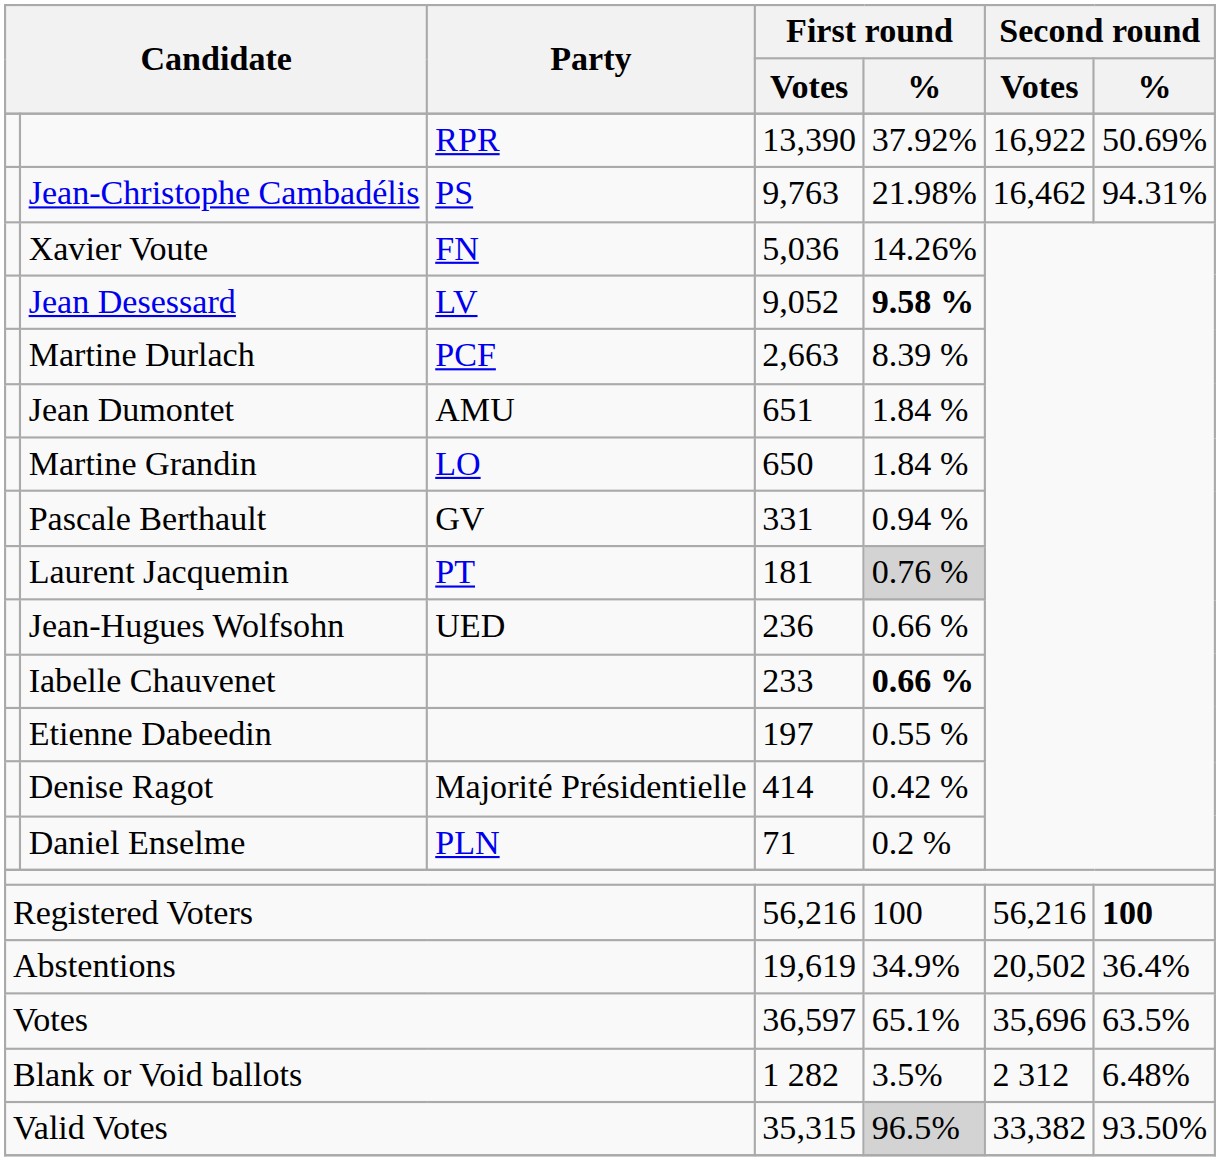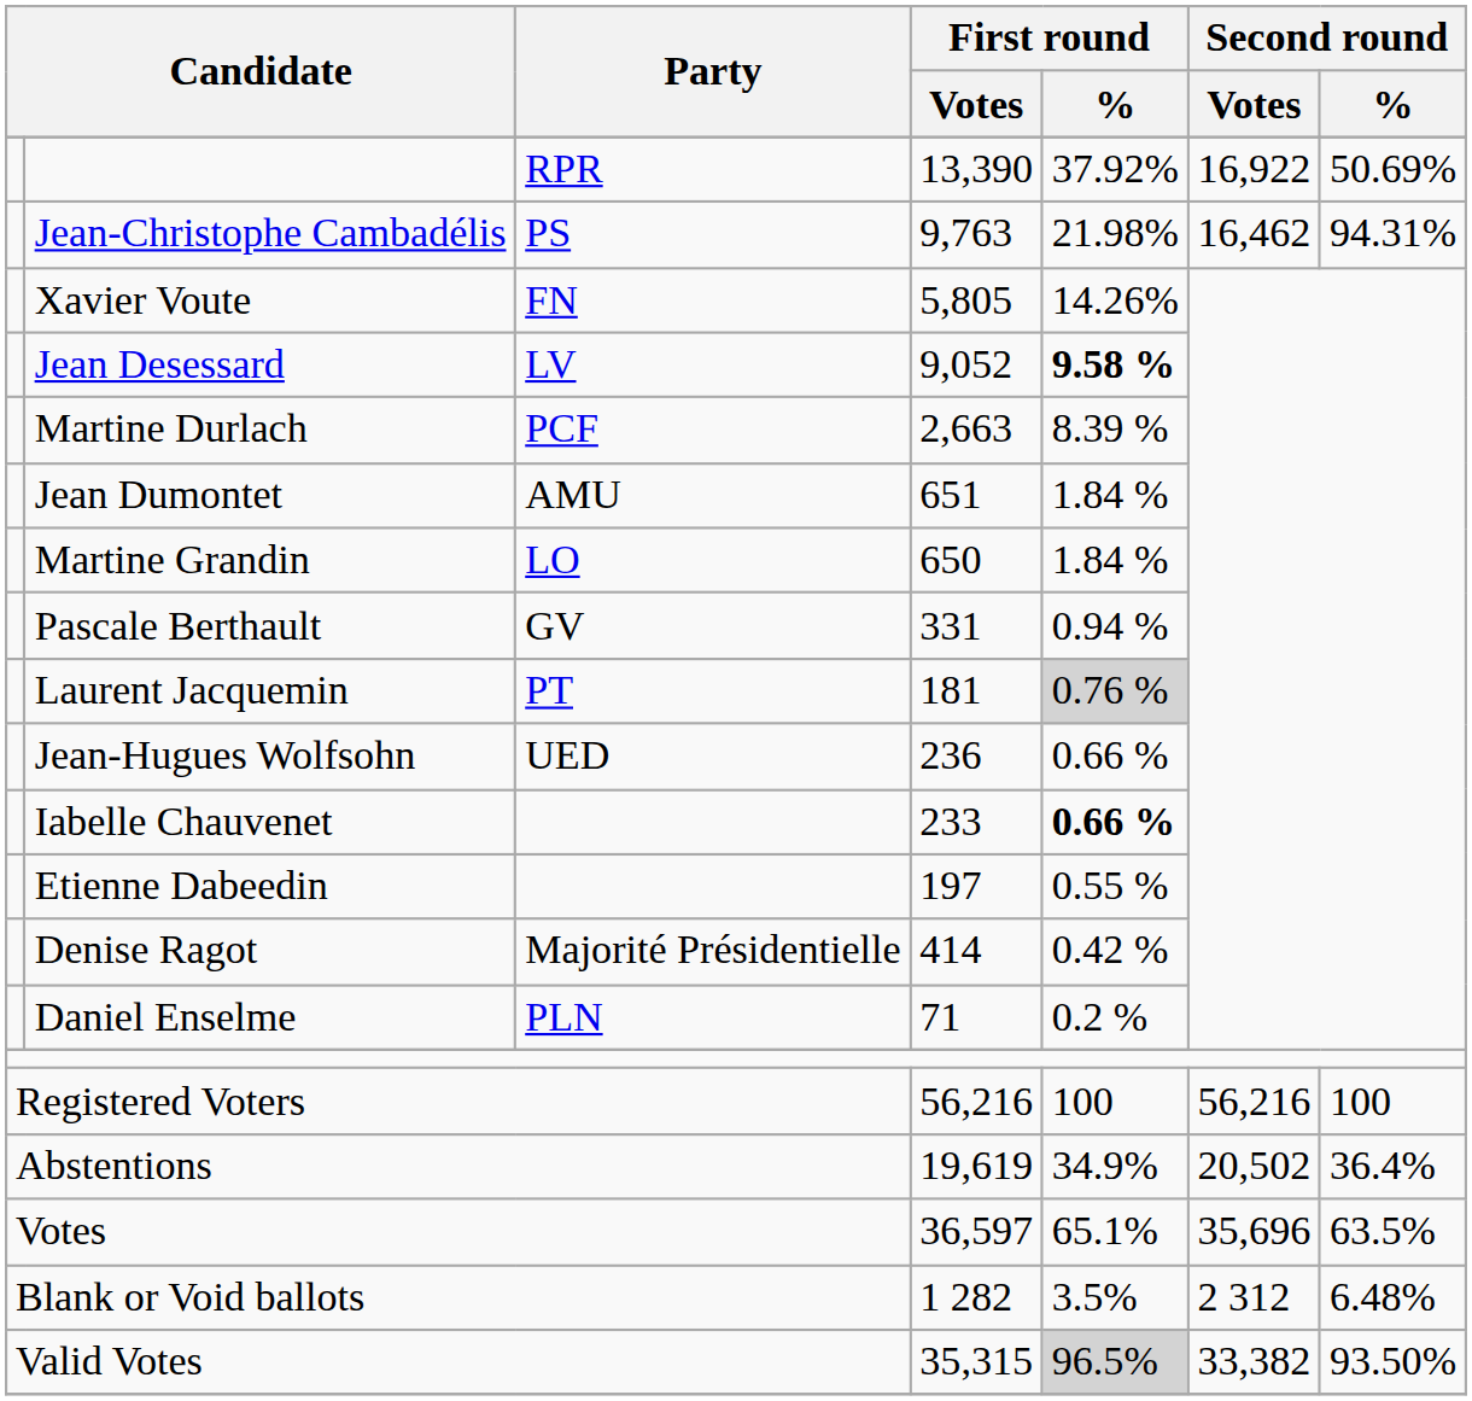 <table class="wikitable">
 <tr>
 <th colspan="2" rowspan="2">Candidate</th>
 <th rowspan="2">Party</th>
 <th colspan="2">First round</th>
 <th colspan="2">Second round</th>
 </tr>
 <tr>
 <th>Votes</th>
 <th>%</th>
 <th>Votes</th>
 <th>%</th>
 </tr>
 <tr>
 </tr>
 <tr>
 <td style="background-color:"></td>
 <td></td>
 <td><a href='#'>RPR</a></td>
 <td>13,390</td>
 <td>37.92%</td>
 <td>16,922</td>
 <td>50.69%</td>
 </tr>
 <tr>
 <td style="background-color:"></td>
 <td><a href='#'>Jean-Christophe Cambadélis</a></td>
 <td><a href='#'>PS</a></td>
 <td>9,763</td>
 <td>21.98%</td>
 <td>16,462</td>
 <td>94.31%</td>
 </tr>
 <tr>
 <td style="background-color:"></td>
 <td>Xavier Voute</td>
 <td><a href='#'>FN</a></td>
-<td>5,036</td>
+<td>5,805</td>
 <td>14.26%</td>
 </tr>
 <tr>
 <td style="background-color:"></td>
 <td><a href='#'>Jean Desessard</a></td>
 <td><a href='#'>LV</a></td>
 <td>9,052</td>
 <td><strong>9.58 %</strong></td>
 </tr>
 <tr>
 <td style="background-color:"></td>
 <td>Martine Durlach</td>
 <td><a href='#'>PCF</a></td>
 <td>2,663</td>
 <td>8.39 %</td>
 </tr>
 <tr>
 <td></td>
 <td>Jean Dumontet</td>
 <td><abbr>AMU</abbr></td>
 <td>651</td>
 <td>1.84 %</td>
 </tr>
 <tr>
 <td style="background-color:"></td>
 <td>Martine Grandin</td>
 <td><a href='#'>LO</a></td>
 <td>650</td>
 <td>1.84 %</td>
 </tr>
 <tr>
 <td></td>
 <td>Pascale Berthault</td>
 <td><abbr>GV</abbr></td>
 <td>331</td>
 <td>0.94 %</td>
 </tr>
 <tr>
 <td style="background-color:"></td>
 <td>Laurent Jacquemin</td>
 <td><a href='#'>PT</a></td>
 <td>181</td>
 <td style="background: lightgrey;">0.76 %</td>
 </tr>
 <tr>
 <td></td>
 <td>Jean-Hugues Wolfsohn</td>
 <td><abbr>UED</abbr></td>
 <td>236</td>
 <td>0.66 %</td>
 </tr>
 <tr>
 <td></td>
 <td>Iabelle Chauvenet</td>
 <td></td>
 <td>233</td>
 <td><strong>0.66 %</strong></td>
 </tr>
 <tr>
 <td></td>
 <td>Etienne Dabeedin</td>
 <td></td>
 <td>197</td>
 <td>0.55 %</td>
 </tr>
 <tr>
 <td></td>
 <td>Denise Ragot</td>
 <td>Majorité Présidentielle</td>
 <td>414</td>
 <td>0.42 %</td>
 </tr>
 <tr>
 <td></td>
 <td>Daniel Enselme</td>
 <td><a href='#'>PLN</a></td>
 <td>71</td>
 <td>0.2 %</td>
 </tr>
 <tr>
 </tr>
 <tr>
 <td colspan="8"></td>
 </tr>
 <tr>
 <td colspan="3">Registered Voters</td>
 <td>56,216</td>
 <td>100</td>
 <td>56,216</td>
-<td><strong>100</strong></td>
+<td>100</td>
 </tr>
 <tr>
 <td colspan="3">Abstentions</td>
 <td>19,619</td>
 <td>34.9%</td>
 <td>20,502</td>
 <td>36.4%</td>
 </tr>
 <tr>
 <td colspan="3">Votes</td>
 <td>36,597</td>
 <td>65.1%</td>
 <td>35,696</td>
 <td>63.5%</td>
 </tr>
 <tr>
 <td colspan="3">Blank or Void ballots</td>
 <td>1 282</td>
 <td>3.5%</td>
 <td>2 312</td>
 <td>6.48%</td>
 </tr>
 <tr>
 <td colspan="3">Valid Votes</td>
 <td>35,315</td>
 <td style="background: lightgrey;">96.5%</td>
 <td>33,382</td>
 <td>93.50%</td>
 </tr>
 <tr>
 </tr>
 </table>
